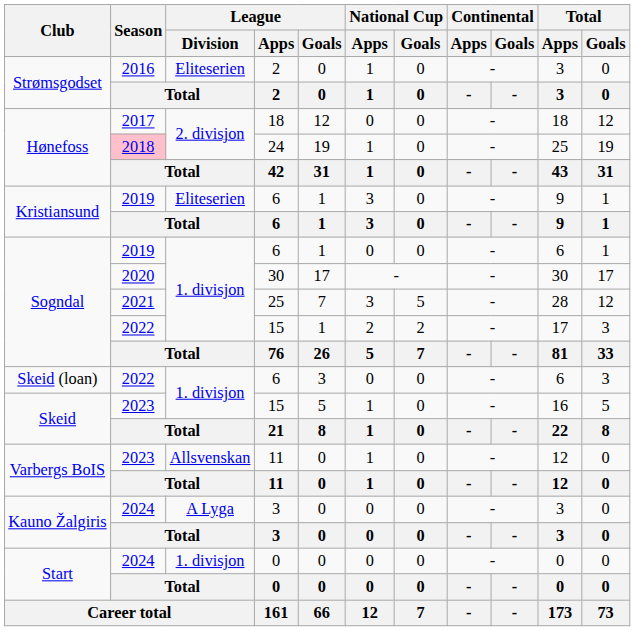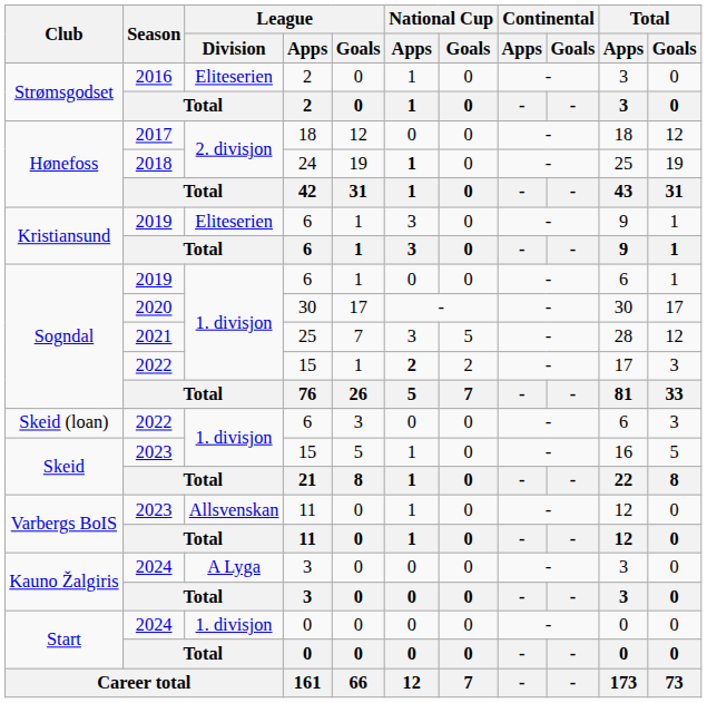 <table class="wikitable" style="text-align: center;">
 <tr>
 <th rowspan="2">Club</th>
 <th rowspan="2">Season</th>
 <th colspan="3">League</th>
 <th colspan="2">National Cup</th>
 <th colspan="2">Continental</th>
 <th colspan="2">Total</th>
 </tr>
 <tr>
 <th>Division</th>
 <th>Apps</th>
 <th>Goals</th>
 <th>Apps</th>
 <th>Goals</th>
 <th>Apps</th>
 <th>Goals</th>
 <th>Apps</th>
 <th>Goals</th>
 </tr>
 <tr>
 <td rowspan="2"><a href='#'>Strømsgodset</a></td>
 <td><a href='#'>2016</a></td>
 <td rowspan="1"><a href='#'>Eliteserien</a></td>
 <td>2</td>
 <td>0</td>
 <td>1</td>
 <td>0</td>
 <td colspan="2">-</td>
 <td>3</td>
 <td>0</td>
 </tr>
 <tr>
 <th colspan="2">Total</th>
 <th>2</th>
 <th>0</th>
 <th>1</th>
 <th>0</th>
 <th>-</th>
 <th>-</th>
 <th>3</th>
 <th>0</th>
 </tr>
 <tr>
 <td rowspan="3"><a href='#'>Hønefoss</a></td>
 <td><a href='#'>2017</a></td>
 <td rowspan="2"><a href='#'>2. divisjon</a></td>
 <td>18</td>
 <td>12</td>
 <td>0</td>
 <td>0</td>
 <td colspan="2">-</td>
 <td>18</td>
 <td>12</td>
 </tr>
 <tr>
-<td style="background: pink;"><a href='#'>2018</a></td>
+<td><a href='#'>2018</a></td>
 <td>24</td>
 <td>19</td>
-<td>1</td>
+<td><strong>1</strong></td>
 <td>0</td>
 <td colspan="2">-</td>
 <td>25</td>
 <td>19</td>
 </tr>
 <tr>
 <th colspan="2">Total</th>
 <th>42</th>
 <th>31</th>
 <th>1</th>
 <th>0</th>
 <th>-</th>
 <th>-</th>
 <th>43</th>
 <th>31</th>
 </tr>
 <tr>
 <td rowspan="2"><a href='#'>Kristiansund</a></td>
 <td><a href='#'>2019</a></td>
 <td rowspan="1"><a href='#'>Eliteserien</a></td>
 <td>6</td>
 <td>1</td>
 <td>3</td>
 <td>0</td>
 <td colspan="2">-</td>
 <td>9</td>
 <td>1</td>
 </tr>
 <tr>
 <th colspan="2">Total</th>
 <th>6</th>
 <th>1</th>
 <th>3</th>
 <th>0</th>
 <th>-</th>
 <th>-</th>
 <th>9</th>
 <th>1</th>
 </tr>
 <tr>
 <td rowspan="5"><a href='#'>Sogndal</a></td>
 <td><a href='#'>2019</a></td>
 <td rowspan="4"><a href='#'>1. divisjon</a></td>
 <td>6</td>
 <td>1</td>
 <td>0</td>
 <td>0</td>
 <td colspan="2">-</td>
 <td>6</td>
 <td>1</td>
 </tr>
 <tr>
 <td><a href='#'>2020</a></td>
 <td>30</td>
 <td>17</td>
 <td colspan="2">-</td>
 <td colspan="2">-</td>
 <td>30</td>
 <td>17</td>
 </tr>
 <tr>
 <td><a href='#'>2021</a></td>
 <td>25</td>
 <td>7</td>
 <td>3</td>
 <td>5</td>
 <td colspan="2">-</td>
 <td>28</td>
 <td>12</td>
 </tr>
 <tr>
 <td><a href='#'>2022</a></td>
 <td>15</td>
 <td>1</td>
-<td>2</td>
+<td><strong>2</strong></td>
 <td>2</td>
 <td colspan="2">-</td>
 <td>17</td>
 <td>3</td>
 </tr>
 <tr>
 <th colspan="2">Total</th>
 <th>76</th>
 <th>26</th>
 <th>5</th>
 <th>7</th>
 <th>-</th>
 <th>-</th>
 <th>81</th>
 <th>33</th>
 </tr>
 <tr>
 <td rowspan="1"><a href='#'>Skeid</a> (loan)</td>
 <td><a href='#'>2022</a></td>
 <td rowspan="2"><a href='#'>1. divisjon</a></td>
 <td>6</td>
 <td>3</td>
 <td>0</td>
 <td>0</td>
 <td colspan="2">-</td>
 <td>6</td>
 <td>3</td>
 </tr>
 <tr>
 <td rowspan="2"><a href='#'>Skeid</a></td>
 <td><a href='#'>2023</a></td>
 <td>15</td>
 <td>5</td>
 <td>1</td>
 <td>0</td>
 <td colspan="2">-</td>
 <td>16</td>
 <td>5</td>
 </tr>
 <tr>
 <th colspan="2">Total</th>
 <th>21</th>
 <th>8</th>
 <th>1</th>
 <th>0</th>
 <th>-</th>
 <th>-</th>
 <th>22</th>
 <th>8</th>
 </tr>
 <tr>
 <td rowspan="2"><a href='#'>Varbergs BoIS</a></td>
 <td><a href='#'>2023</a></td>
 <td rowspan="1"><a href='#'>Allsvenskan</a></td>
 <td>11</td>
 <td>0</td>
 <td>1</td>
 <td>0</td>
 <td colspan="2">-</td>
 <td>12</td>
 <td>0</td>
 </tr>
 <tr>
 <th colspan="2">Total</th>
 <th>11</th>
 <th>0</th>
 <th>1</th>
 <th>0</th>
 <th>-</th>
 <th>-</th>
 <th>12</th>
 <th>0</th>
 </tr>
 <tr>
 <td rowspan="2"><a href='#'>Kauno Žalgiris</a></td>
 <td><a href='#'>2024</a></td>
 <td rowspan="1"><a href='#'>A Lyga</a></td>
 <td>3</td>
 <td>0</td>
 <td>0</td>
 <td>0</td>
 <td colspan="2">-</td>
 <td>3</td>
 <td>0</td>
 </tr>
 <tr>
 <th colspan="2">Total</th>
 <th>3</th>
 <th>0</th>
 <th>0</th>
 <th>0</th>
 <th>-</th>
 <th>-</th>
 <th>3</th>
 <th>0</th>
 </tr>
 <tr>
 <td rowspan="2"><a href='#'>Start</a></td>
 <td><a href='#'>2024</a></td>
 <td rowspan="1"><a href='#'>1. divisjon</a></td>
 <td>0</td>
 <td>0</td>
 <td>0</td>
 <td>0</td>
 <td colspan="2">-</td>
 <td>0</td>
 <td>0</td>
 </tr>
 <tr>
 <th colspan="2">Total</th>
 <th>0</th>
 <th>0</th>
 <th>0</th>
 <th>0</th>
 <th>-</th>
 <th>-</th>
 <th>0</th>
 <th>0</th>
 </tr>
 <tr>
 <th colspan="3">Career total</th>
 <th>161</th>
 <th>66</th>
 <th>12</th>
 <th>7</th>
 <th>-</th>
 <th>-</th>
 <th>173</th>
 <th>73</th>
 </tr>
 </table>
